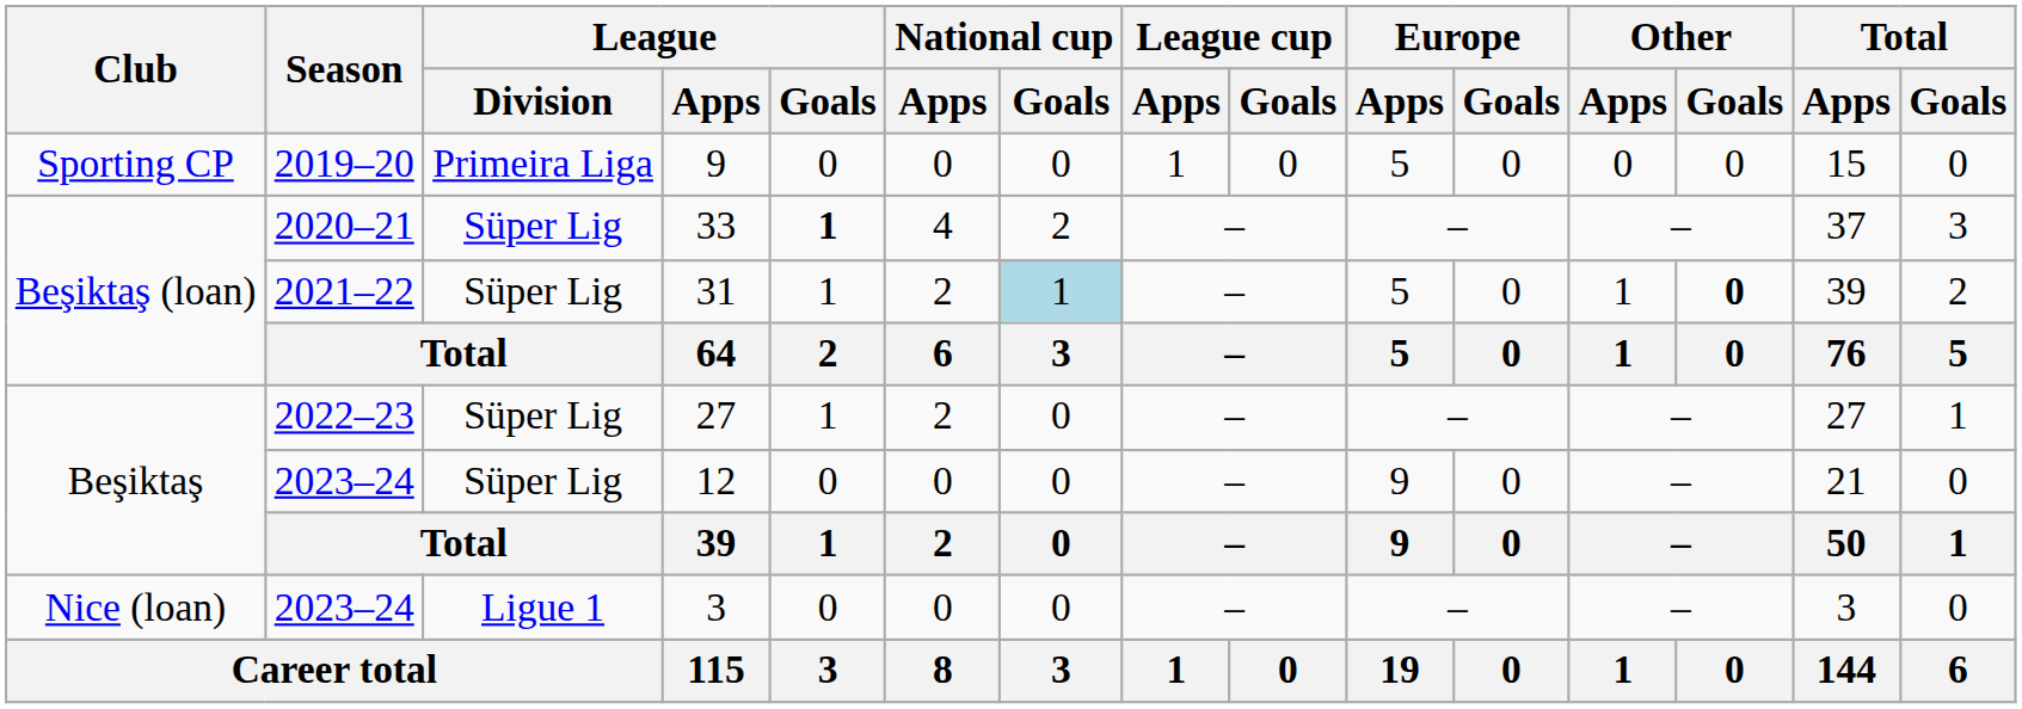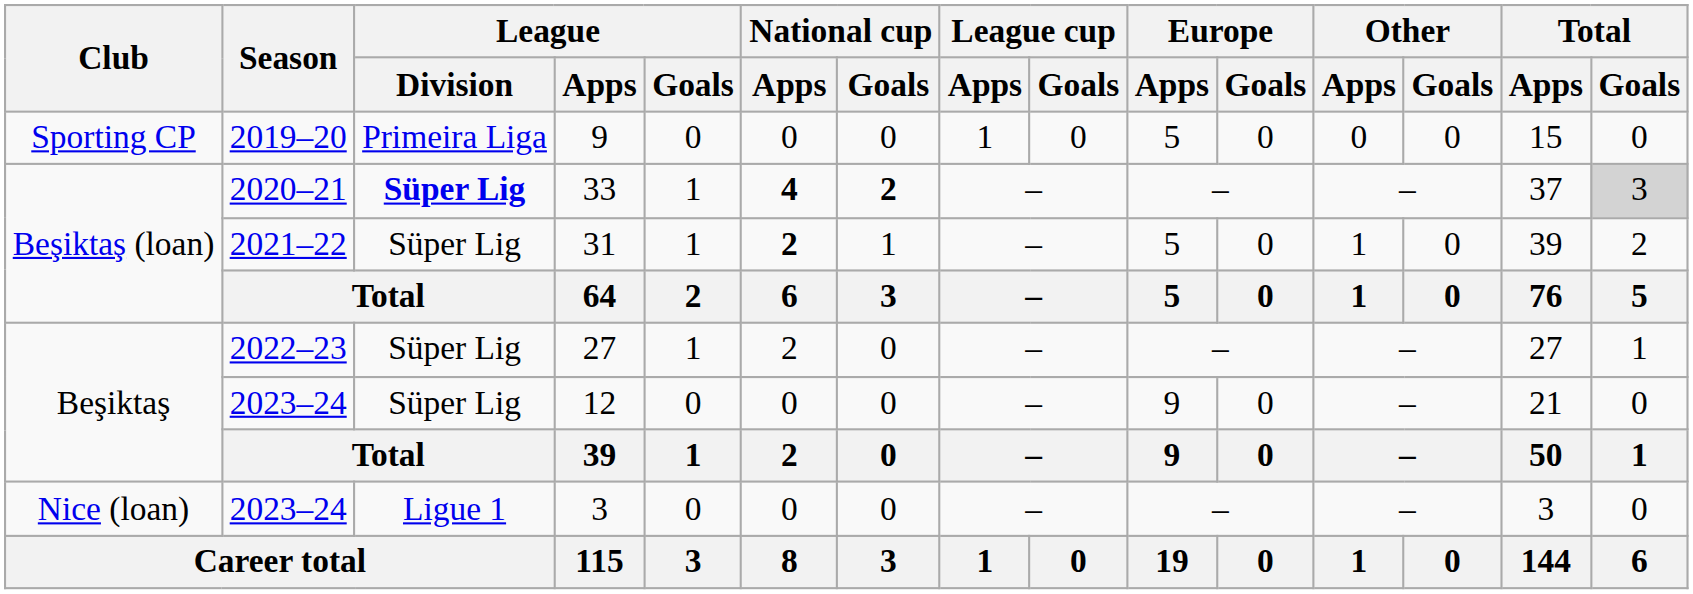 <table class="wikitable" style="text-align: center;">
 <tr>
 <th rowspan="2">Club</th>
 <th rowspan="2">Season</th>
 <th colspan="3">League</th>
 <th colspan="2">National cup</th>
 <th colspan="2">League cup</th>
 <th colspan="2">Europe</th>
 <th colspan="2">Other</th>
 <th colspan="2">Total</th>
 </tr>
 <tr>
 <th>Division</th>
 <th>Apps</th>
 <th>Goals</th>
 <th>Apps</th>
 <th>Goals</th>
 <th>Apps</th>
 <th>Goals</th>
 <th>Apps</th>
 <th>Goals</th>
 <th>Apps</th>
 <th>Goals</th>
 <th>Apps</th>
 <th>Goals</th>
 </tr>
 <tr>
 <td><a href='#'>Sporting CP</a></td>
 <td><a href='#'>2019–20</a></td>
 <td><a href='#'>Primeira Liga</a></td>
 <td>9</td>
 <td>0</td>
 <td>0</td>
 <td>0</td>
 <td>1</td>
 <td>0</td>
 <td>5</td>
 <td>0</td>
 <td>0</td>
 <td>0</td>
 <td>15</td>
 <td>0</td>
 </tr>
 <tr>
 <td rowspan="3"><a href='#'>Beşiktaş</a> (loan)</td>
 <td><a href='#'>2020–21</a></td>
-<td><a href='#'>Süper Lig</a></td>
+<td><strong><a href='#'>Süper Lig</a></strong></td>
 <td>33</td>
-<td><strong>1</strong></td>
-<td>4</td>
-<td>2</td>
+<td>1</td>
+<td><strong>4</strong></td>
+<td><strong>2</strong></td>
 <td colspan="2">–</td>
 <td colspan="2">–</td>
 <td colspan="2">–</td>
 <td>37</td>
-<td>3</td>
+<td style="background: lightgrey;">3</td>
 </tr>
 <tr>
 <td><a href='#'>2021–22</a></td>
 <td>Süper Lig</td>
 <td>31</td>
 <td>1</td>
-<td>2</td>
-<td style="background: lightblue;">1</td>
+<td><strong>2</strong></td>
+<td>1</td>
 <td colspan="2">–</td>
 <td>5</td>
 <td>0</td>
 <td>1</td>
-<td><strong>0</strong></td>
+<td>0</td>
 <td>39</td>
 <td>2</td>
 </tr>
 <tr>
 <th colspan="2">Total</th>
 <th>64</th>
 <th>2</th>
 <th>6</th>
 <th>3</th>
 <th colspan="2">–</th>
 <th>5</th>
 <th>0</th>
 <th>1</th>
 <th>0</th>
 <th>76</th>
 <th>5</th>
 </tr>
 <tr>
 <td rowspan="3">Beşiktaş</td>
 <td><a href='#'>2022–23</a></td>
 <td>Süper Lig</td>
 <td>27</td>
 <td>1</td>
 <td>2</td>
 <td>0</td>
 <td colspan="2">–</td>
 <td colspan="2">–</td>
 <td colspan="2">–</td>
 <td>27</td>
 <td>1</td>
 </tr>
 <tr>
 <td><a href='#'>2023–24</a></td>
 <td>Süper Lig</td>
 <td>12</td>
 <td>0</td>
 <td>0</td>
 <td>0</td>
 <td colspan="2">–</td>
 <td>9</td>
 <td>0</td>
 <td colspan="2">–</td>
 <td>21</td>
 <td>0</td>
 </tr>
 <tr>
 <th colspan="2">Total</th>
 <th>39</th>
 <th>1</th>
 <th>2</th>
 <th>0</th>
 <th colspan="2">–</th>
 <th>9</th>
 <th>0</th>
 <th colspan="2">–</th>
 <th>50</th>
 <th>1</th>
 </tr>
 <tr>
 <td><a href='#'>Nice</a> (loan)</td>
 <td><a href='#'>2023–24</a></td>
 <td><a href='#'>Ligue 1</a></td>
 <td>3</td>
 <td>0</td>
 <td>0</td>
 <td>0</td>
 <td colspan="2">–</td>
 <td colspan="2">–</td>
 <td colspan="2">–</td>
 <td>3</td>
 <td>0</td>
 </tr>
 <tr>
 <th colspan="3">Career total</th>
 <th>115</th>
 <th>3</th>
 <th>8</th>
 <th>3</th>
 <th>1</th>
 <th>0</th>
 <th>19</th>
 <th>0</th>
 <th>1</th>
 <th>0</th>
 <th>144</th>
 <th>6</th>
 </tr>
 </table>
